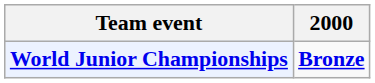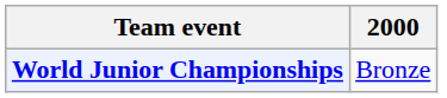 <table style='font-size: 90%; text-align:center;' class='wikitable'>
 <tr>
 <th>Team event</th>
 <th>2000</th>
 </tr>
 <tr>
 <td bgcolor="#ECF2FF"; align="left"><strong><a href='#'>World Junior Championships</a></strong></td>
-<td><strong> <a href='#'>Bronze</a></strong></td>
+<td> <a href='#'>Bronze</a></td>
 </tr>
 </table>
